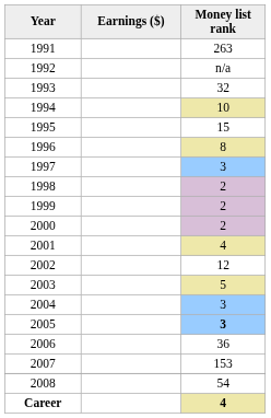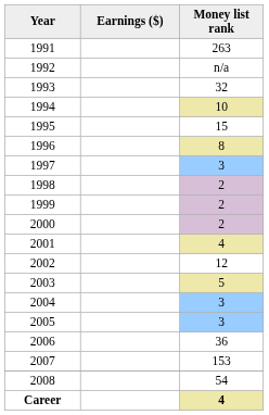 <table cellpadding=3 cellspacing=0 border=1 style=border:#aaa;solid:1px;border-collapse:collapse;text-align:center;>
 <tr style=background:#eee;font-weight:bold>
 <td width="90">Year</td>
 <td width="120">Earnings ($)</td>
 <td width="100">Money list rank</td>
 </tr>
 <tr>
 <td>1991</td>
 <td align=right></td>
 <td>263</td>
 </tr>
 <tr>
 <td>1992</td>
 <td align=right></td>
 <td>n/a</td>
 </tr>
 <tr>
 <td>1993</td>
 <td align=right></td>
 <td>32</td>
 </tr>
 <tr>
 <td>1994</td>
 <td align=right></td>
 <td style=background:#eee8aa>10</td>
 </tr>
 <tr>
 <td>1995</td>
 <td align=right></td>
 <td>15</td>
 </tr>
 <tr>
 <td>1996</td>
 <td align=right></td>
 <td style=background:#eee8aa>8</td>
 </tr>
 <tr>
 <td>1997</td>
 <td align=right></td>
 <td style=background:#99ccff>3</td>
 </tr>
 <tr>
 <td>1998</td>
 <td align=right></td>
 <td style=background:thistle>2</td>
 </tr>
 <tr>
 <td>1999</td>
 <td align=right></td>
 <td style=background:thistle>2</td>
 </tr>
 <tr>
 <td>2000</td>
 <td align=right></td>
 <td style=background:thistle>2</td>
 </tr>
 <tr>
 <td>2001</td>
 <td align=right></td>
 <td style=background:#eee8aa>4</td>
 </tr>
 <tr>
 <td>2002</td>
 <td align=right></td>
 <td>12</td>
 </tr>
 <tr>
 <td>2003</td>
 <td align=right></td>
 <td style=background:#eee8aa>5</td>
 </tr>
 <tr>
 <td>2004</td>
 <td align=right></td>
 <td style=background:#99ccff>3</td>
 </tr>
 <tr>
 <td>2005</td>
 <td align=right></td>
-<td style=background:#99ccff><strong>3</strong></td>
+<td style=background:#99ccff>3</td>
 </tr>
 <tr>
 <td>2006</td>
 <td align=right></td>
 <td>36</td>
 </tr>
 <tr>
 <td>2007</td>
 <td align=right></td>
 <td>153</td>
 </tr>
 <tr>
 </tr>
 <tr>
 <td>2008</td>
 <td align=right></td>
 <td>54</td>
 </tr>
 <tr>
 <th>Career</th>
 <th align=right></th>
 <th style=background:#eee8aa>4</th>
 </tr>
 </table>
